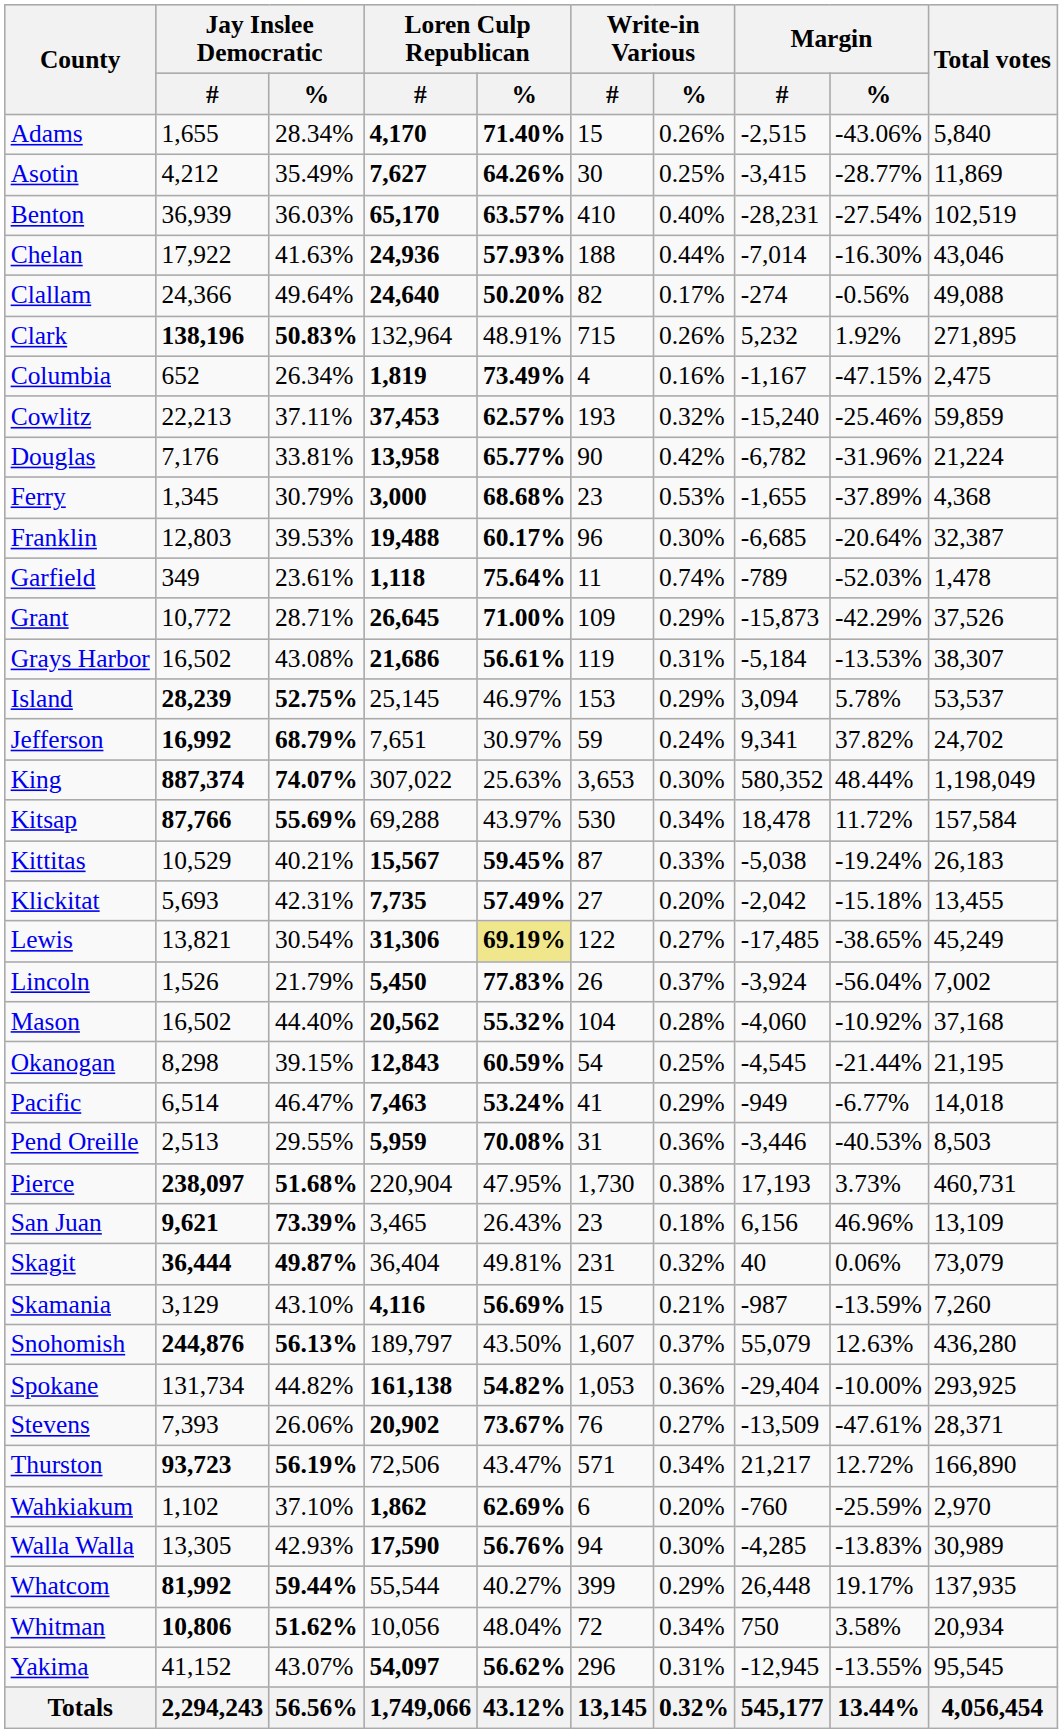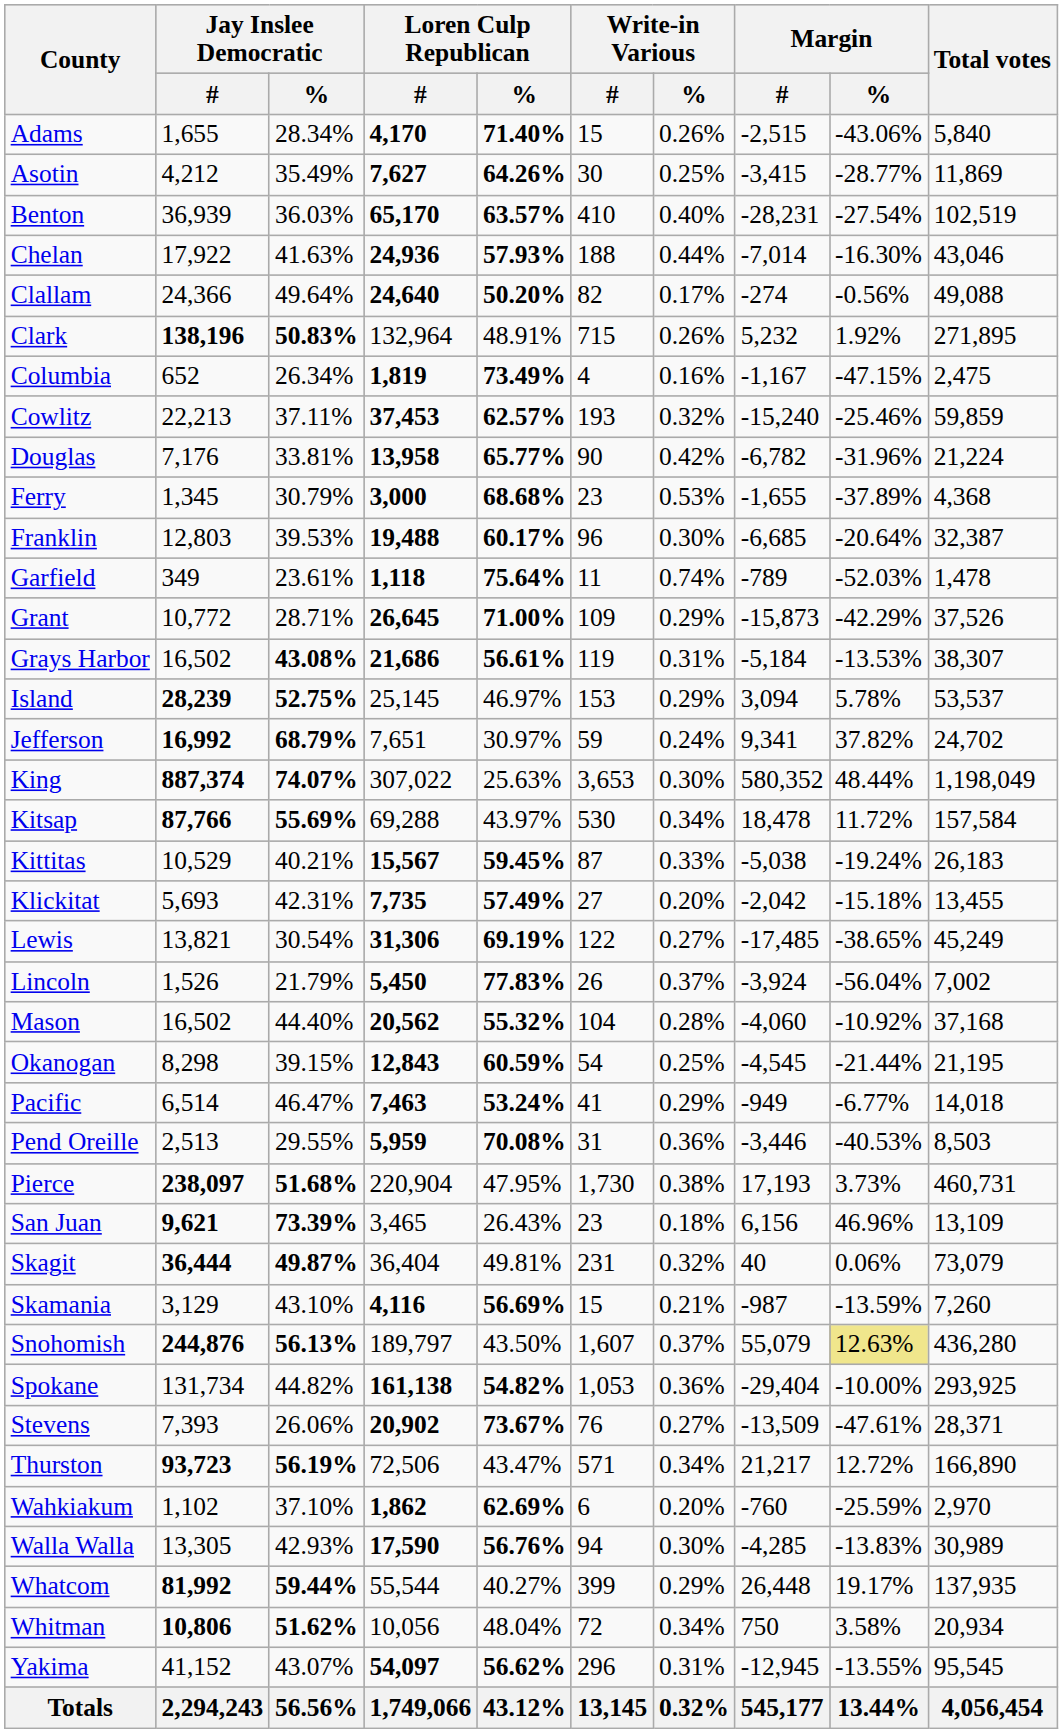 <table class="wikitable sortable">
 <tr>
 <th rowspan="2" scope="col">County</th>
 <th colspan="2" scope="col">Jay Inslee<br>Democratic</th>
 <th colspan="2" scope="col">Loren Culp<br>Republican</th>
 <th colspan="2" scope="col">Write-in<br>Various</th>
 <th colspan="2" scope="col">Margin</th>
 <th rowspan="2" scope="col">Total votes</th>
 </tr>
 <tr>
 <th>#</th>
 <th>%</th>
 <th>#</th>
 <th>%</th>
 <th>#</th>
 <th>%</th>
 <th>#</th>
 <th>%</th>
 </tr>
 <tr>
 <td><a href='#'>Adams</a></td>
 <td>1,655</td>
 <td>28.34%</td>
 <td><strong>4,170</strong></td>
 <td><strong>71.40%</strong></td>
 <td>15</td>
 <td>0.26%</td>
 <td>-2,515</td>
 <td>-43.06%</td>
 <td>5,840</td>
 </tr>
 <tr>
 <td><a href='#'>Asotin</a></td>
 <td>4,212</td>
 <td>35.49%</td>
 <td><strong>7,627</strong></td>
 <td><strong>64.26%</strong></td>
 <td>30</td>
 <td>0.25%</td>
 <td>-3,415</td>
 <td>-28.77%</td>
 <td>11,869</td>
 </tr>
 <tr>
 <td><a href='#'>Benton</a></td>
 <td>36,939</td>
 <td>36.03%</td>
 <td><strong>65,170</strong></td>
 <td><strong>63.57%</strong></td>
 <td>410</td>
 <td>0.40%</td>
 <td>-28,231</td>
 <td>-27.54%</td>
 <td>102,519</td>
 </tr>
 <tr>
 <td><a href='#'>Chelan</a></td>
 <td>17,922</td>
 <td>41.63%</td>
 <td><strong>24,936</strong></td>
 <td><strong>57.93%</strong></td>
 <td>188</td>
 <td>0.44%</td>
 <td>-7,014</td>
 <td>-16.30%</td>
 <td>43,046</td>
 </tr>
 <tr>
 <td><a href='#'>Clallam</a></td>
 <td>24,366</td>
 <td>49.64%</td>
 <td><strong>24,640</strong></td>
 <td><strong>50.20%</strong></td>
 <td>82</td>
 <td>0.17%</td>
 <td>-274</td>
 <td>-0.56%</td>
 <td>49,088</td>
 </tr>
 <tr>
 <td><a href='#'>Clark</a></td>
 <td><strong>138,196</strong></td>
 <td><strong>50.83%</strong></td>
 <td>132,964</td>
 <td>48.91%</td>
 <td>715</td>
 <td>0.26%</td>
 <td>5,232</td>
 <td>1.92%</td>
 <td>271,895</td>
 </tr>
 <tr>
 <td><a href='#'>Columbia</a></td>
 <td>652</td>
 <td>26.34%</td>
 <td><strong>1,819</strong></td>
 <td><strong>73.49%</strong></td>
 <td>4</td>
 <td>0.16%</td>
 <td>-1,167</td>
 <td>-47.15%</td>
 <td>2,475</td>
 </tr>
 <tr>
 <td><a href='#'>Cowlitz</a></td>
 <td>22,213</td>
 <td>37.11%</td>
 <td><strong>37,453</strong></td>
 <td><strong>62.57%</strong></td>
 <td>193</td>
 <td>0.32%</td>
 <td>-15,240</td>
 <td>-25.46%</td>
 <td>59,859</td>
 </tr>
 <tr>
 <td><a href='#'>Douglas</a></td>
 <td>7,176</td>
 <td>33.81%</td>
 <td><strong>13,958</strong></td>
 <td><strong>65.77%</strong></td>
 <td>90</td>
 <td>0.42%</td>
 <td>-6,782</td>
 <td>-31.96%</td>
 <td>21,224</td>
 </tr>
 <tr>
 <td><a href='#'>Ferry</a></td>
 <td>1,345</td>
 <td>30.79%</td>
 <td><strong>3,000</strong></td>
 <td><strong>68.68%</strong></td>
 <td>23</td>
 <td>0.53%</td>
 <td>-1,655</td>
 <td>-37.89%</td>
 <td>4,368</td>
 </tr>
 <tr>
 <td><a href='#'>Franklin</a></td>
 <td>12,803</td>
 <td>39.53%</td>
 <td><strong>19,488</strong></td>
 <td><strong>60.17%</strong></td>
 <td>96</td>
 <td>0.30%</td>
 <td>-6,685</td>
 <td>-20.64%</td>
 <td>32,387</td>
 </tr>
 <tr>
 <td><a href='#'>Garfield</a></td>
 <td>349</td>
 <td>23.61%</td>
 <td><strong>1,118</strong></td>
 <td><strong>75.64%</strong></td>
 <td>11</td>
 <td>0.74%</td>
 <td>-789</td>
 <td>-52.03%</td>
 <td>1,478</td>
 </tr>
 <tr>
 <td><a href='#'>Grant</a></td>
 <td>10,772</td>
 <td>28.71%</td>
 <td><strong>26,645</strong></td>
 <td><strong>71.00%</strong></td>
 <td>109</td>
 <td>0.29%</td>
 <td>-15,873</td>
 <td>-42.29%</td>
 <td>37,526</td>
 </tr>
 <tr>
 <td><a href='#'>Grays Harbor</a></td>
 <td>16,502</td>
-<td>43.08%</td>
+<td><strong>43.08%</strong></td>
 <td><strong>21,686</strong></td>
 <td><strong>56.61%</strong></td>
 <td>119</td>
 <td>0.31%</td>
 <td>-5,184</td>
 <td>-13.53%</td>
 <td>38,307</td>
 </tr>
 <tr>
 <td><a href='#'>Island</a></td>
 <td><strong>28,239</strong></td>
 <td><strong>52.75%</strong></td>
 <td>25,145</td>
 <td>46.97%</td>
 <td>153</td>
 <td>0.29%</td>
 <td>3,094</td>
 <td>5.78%</td>
 <td>53,537</td>
 </tr>
 <tr>
 <td><a href='#'>Jefferson</a></td>
 <td><strong>16,992</strong></td>
 <td><strong>68.79%</strong></td>
 <td>7,651</td>
 <td>30.97%</td>
 <td>59</td>
 <td>0.24%</td>
 <td>9,341</td>
 <td>37.82%</td>
 <td>24,702</td>
 </tr>
 <tr>
 <td><a href='#'>King</a></td>
 <td><strong>887,374</strong></td>
 <td><strong>74.07%</strong></td>
 <td>307,022</td>
 <td>25.63%</td>
 <td>3,653</td>
 <td>0.30%</td>
 <td>580,352</td>
 <td>48.44%</td>
 <td>1,198,049</td>
 </tr>
 <tr>
 <td><a href='#'>Kitsap</a></td>
 <td><strong>87,766</strong></td>
 <td><strong>55.69%</strong></td>
 <td>69,288</td>
 <td>43.97%</td>
 <td>530</td>
 <td>0.34%</td>
 <td>18,478</td>
 <td>11.72%</td>
 <td>157,584</td>
 </tr>
 <tr>
 <td><a href='#'>Kittitas</a></td>
 <td>10,529</td>
 <td>40.21%</td>
 <td><strong>15,567</strong></td>
 <td><strong>59.45%</strong></td>
 <td>87</td>
 <td>0.33%</td>
 <td>-5,038</td>
 <td>-19.24%</td>
 <td>26,183</td>
 </tr>
 <tr>
 <td><a href='#'>Klickitat</a></td>
 <td>5,693</td>
 <td>42.31%</td>
 <td><strong>7,735</strong></td>
 <td><strong>57.49%</strong></td>
 <td>27</td>
 <td>0.20%</td>
 <td>-2,042</td>
 <td>-15.18%</td>
 <td>13,455</td>
 </tr>
 <tr>
 <td><a href='#'>Lewis</a></td>
 <td>13,821</td>
 <td>30.54%</td>
 <td><strong>31,306</strong></td>
-<td style="background: khaki;"><strong>69.19%</strong></td>
+<td><strong>69.19%</strong></td>
 <td>122</td>
 <td>0.27%</td>
 <td>-17,485</td>
 <td>-38.65%</td>
 <td>45,249</td>
 </tr>
 <tr>
 <td><a href='#'>Lincoln</a></td>
 <td>1,526</td>
 <td>21.79%</td>
 <td><strong>5,450</strong></td>
 <td><strong>77.83%</strong></td>
 <td>26</td>
 <td>0.37%</td>
 <td>-3,924</td>
 <td>-56.04%</td>
 <td>7,002</td>
 </tr>
 <tr>
 <td><a href='#'>Mason</a></td>
 <td>16,502</td>
 <td>44.40%</td>
 <td><strong>20,562</strong></td>
 <td><strong>55.32%</strong></td>
 <td>104</td>
 <td>0.28%</td>
 <td>-4,060</td>
 <td>-10.92%</td>
 <td>37,168</td>
 </tr>
 <tr>
 <td><a href='#'>Okanogan</a></td>
 <td>8,298</td>
 <td>39.15%</td>
 <td><strong>12,843</strong></td>
 <td><strong>60.59%</strong></td>
 <td>54</td>
 <td>0.25%</td>
 <td>-4,545</td>
 <td>-21.44%</td>
 <td>21,195</td>
 </tr>
 <tr>
 <td><a href='#'>Pacific</a></td>
 <td>6,514</td>
 <td>46.47%</td>
 <td><strong>7,463</strong></td>
 <td><strong>53.24%</strong></td>
 <td>41</td>
 <td>0.29%</td>
 <td>-949</td>
 <td>-6.77%</td>
 <td>14,018</td>
 </tr>
 <tr>
 <td><a href='#'>Pend Oreille</a></td>
 <td>2,513</td>
 <td>29.55%</td>
 <td><strong>5,959</strong></td>
 <td><strong>70.08%</strong></td>
 <td>31</td>
 <td>0.36%</td>
 <td>-3,446</td>
 <td>-40.53%</td>
 <td>8,503</td>
 </tr>
 <tr>
 <td><a href='#'>Pierce</a></td>
 <td><strong>238,097</strong></td>
 <td><strong>51.68%</strong></td>
 <td>220,904</td>
 <td>47.95%</td>
 <td>1,730</td>
 <td>0.38%</td>
 <td>17,193</td>
 <td>3.73%</td>
 <td>460,731</td>
 </tr>
 <tr>
 <td><a href='#'>San Juan</a></td>
 <td><strong>9,621</strong></td>
 <td><strong>73.39%</strong></td>
 <td>3,465</td>
 <td>26.43%</td>
 <td>23</td>
 <td>0.18%</td>
 <td>6,156</td>
 <td>46.96%</td>
 <td>13,109</td>
 </tr>
 <tr>
 <td><a href='#'>Skagit</a></td>
 <td><strong>36,444</strong></td>
 <td><strong>49.87%</strong></td>
 <td>36,404</td>
 <td>49.81%</td>
 <td>231</td>
 <td>0.32%</td>
 <td>40</td>
 <td>0.06%</td>
 <td>73,079</td>
 </tr>
 <tr>
 <td><a href='#'>Skamania</a></td>
 <td>3,129</td>
 <td>43.10%</td>
 <td><strong>4,116</strong></td>
 <td><strong>56.69%</strong></td>
 <td>15</td>
 <td>0.21%</td>
 <td>-987</td>
 <td>-13.59%</td>
 <td>7,260</td>
 </tr>
 <tr>
 <td><a href='#'>Snohomish</a></td>
 <td><strong>244,876</strong></td>
 <td><strong>56.13%</strong></td>
 <td>189,797</td>
 <td>43.50%</td>
 <td>1,607</td>
 <td>0.37%</td>
 <td>55,079</td>
-<td>12.63%</td>
+<td style="background: khaki;">12.63%</td>
 <td>436,280</td>
 </tr>
 <tr>
 <td><a href='#'>Spokane</a></td>
 <td>131,734</td>
 <td>44.82%</td>
 <td><strong>161,138</strong></td>
 <td><strong>54.82%</strong></td>
 <td>1,053</td>
 <td>0.36%</td>
 <td>-29,404</td>
 <td>-10.00%</td>
 <td>293,925</td>
 </tr>
 <tr>
 <td><a href='#'>Stevens</a></td>
 <td>7,393</td>
 <td>26.06%</td>
 <td><strong>20,902</strong></td>
 <td><strong>73.67%</strong></td>
 <td>76</td>
 <td>0.27%</td>
 <td>-13,509</td>
 <td>-47.61%</td>
 <td>28,371</td>
 </tr>
 <tr>
 <td><a href='#'>Thurston</a></td>
 <td><strong>93,723</strong></td>
 <td><strong>56.19%</strong></td>
 <td>72,506</td>
 <td>43.47%</td>
 <td>571</td>
 <td>0.34%</td>
 <td>21,217</td>
 <td>12.72%</td>
 <td>166,890</td>
 </tr>
 <tr>
 <td><a href='#'>Wahkiakum</a></td>
 <td>1,102</td>
 <td>37.10%</td>
 <td><strong>1,862</strong></td>
 <td><strong>62.69%</strong></td>
 <td>6</td>
 <td>0.20%</td>
 <td>-760</td>
 <td>-25.59%</td>
 <td>2,970</td>
 </tr>
 <tr>
 <td><a href='#'>Walla Walla</a></td>
 <td>13,305</td>
 <td>42.93%</td>
 <td><strong>17,590</strong></td>
 <td><strong>56.76%</strong></td>
 <td>94</td>
 <td>0.30%</td>
 <td>-4,285</td>
 <td>-13.83%</td>
 <td>30,989</td>
 </tr>
 <tr>
 <td><a href='#'>Whatcom</a></td>
 <td><strong>81,992</strong></td>
 <td><strong>59.44%</strong></td>
 <td>55,544</td>
 <td>40.27%</td>
 <td>399</td>
 <td>0.29%</td>
 <td>26,448</td>
 <td>19.17%</td>
 <td>137,935</td>
 </tr>
 <tr>
 <td><a href='#'>Whitman</a></td>
 <td><strong>10,806</strong></td>
 <td><strong>51.62%</strong></td>
 <td>10,056</td>
 <td>48.04%</td>
 <td>72</td>
 <td>0.34%</td>
 <td>750</td>
 <td>3.58%</td>
 <td>20,934</td>
 </tr>
 <tr>
 <td><a href='#'>Yakima</a></td>
 <td>41,152</td>
 <td>43.07%</td>
 <td><strong>54,097</strong></td>
 <td><strong>56.62%</strong></td>
 <td>296</td>
 <td>0.31%</td>
 <td>-12,945</td>
 <td>-13.55%</td>
 <td>95,545</td>
 </tr>
 <tr>
 <th>Totals</th>
 <th>2,294,243</th>
 <th>56.56%</th>
 <th>1,749,066</th>
 <th>43.12%</th>
 <th>13,145</th>
 <th>0.32%</th>
 <th>545,177</th>
 <th>13.44%</th>
 <th>4,056,454</th>
 </tr>
 </table>
